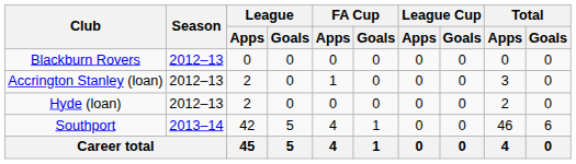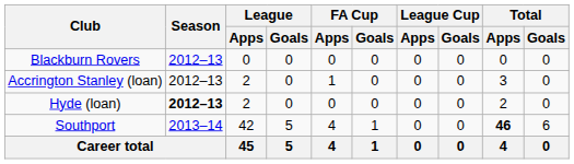 <table class="wikitable" style="text-align:center">
 <tr>
 <th rowspan="2">Club</th>
 <th rowspan="2">Season</th>
 <th colspan="2">League</th>
 <th colspan="2">FA Cup</th>
 <th colspan="2">League Cup</th>
 <th colspan="2">Total</th>
 </tr>
 <tr>
 <th>Apps</th>
 <th>Goals</th>
 <th>Apps</th>
 <th>Goals</th>
 <th>Apps</th>
 <th>Goals</th>
 <th>Apps</th>
 <th>Goals</th>
 </tr>
 <tr>
 <td><a href='#'>Blackburn Rovers</a></td>
 <td><a href='#'>2012–13</a></td>
 <td>0</td>
 <td>0</td>
 <td>0</td>
 <td>0</td>
 <td>0</td>
 <td>0</td>
 <td>0</td>
 <td>0</td>
 </tr>
 <tr>
 <td><a href='#'>Accrington Stanley</a> (loan)</td>
 <td>2012–13</td>
 <td>2</td>
 <td>0</td>
 <td>1</td>
 <td>0</td>
 <td>0</td>
 <td>0</td>
 <td>3</td>
 <td>0</td>
 </tr>
 <tr>
 <td><a href='#'>Hyde</a> (loan)</td>
-<td>2012–13</td>
+<td><strong>2012–13</strong></td>
 <td>2</td>
 <td>0</td>
 <td>0</td>
 <td>0</td>
 <td>0</td>
 <td>0</td>
 <td>2</td>
 <td>0</td>
 </tr>
 <tr>
 <td><a href='#'>Southport</a></td>
 <td><a href='#'>2013–14</a></td>
 <td>42</td>
 <td>5</td>
 <td>4</td>
 <td>1</td>
 <td>0</td>
 <td>0</td>
-<td>46</td>
+<td><strong>46</strong></td>
 <td>6</td>
 </tr>
 <tr>
 <th colspan="2">Career total</th>
 <th>45</th>
 <th>5</th>
 <th>4</th>
 <th>1</th>
 <th>0</th>
 <th>0</th>
 <th>4</th>
 <th>0</th>
 </tr>
 </table>
